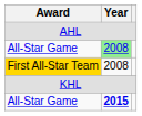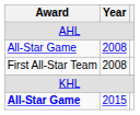 <table class="wikitable">
 <tr>
 <th>Award</th>
 <th>Year</th>
 <th></th>
 </tr>
 <tr ALIGN="center" bgcolor="#e0e0e0">
 <td colspan="3"><a href='#'>AHL</a></td>
 </tr>
 <tr>
 <td><a href='#'>All-Star Game</a></td>
-<td style="background: lightgreen;"><a href='#'>2008</a></td>
+<td><a href='#'>2008</a></td>
 <td></td>
 </tr>
 <tr>
-<td style="background: gold;">First All-Star Team</td>
+<td>First All-Star Team</td>
 <td>2008</td>
 <td></td>
 </tr>
 <tr ALIGN="center" bgcolor="#e0e0e0">
 <td colspan="3"><a href='#'>KHL</a></td>
 </tr>
 <tr>
-<td><a href='#'>All-Star Game</a></td>
-<td><strong><a href='#'>2015</a></strong></td>
+<td><strong><a href='#'>All-Star Game</a></strong></td>
+<td><a href='#'>2015</a></td>
 <td></td>
 </tr>
 </table>
